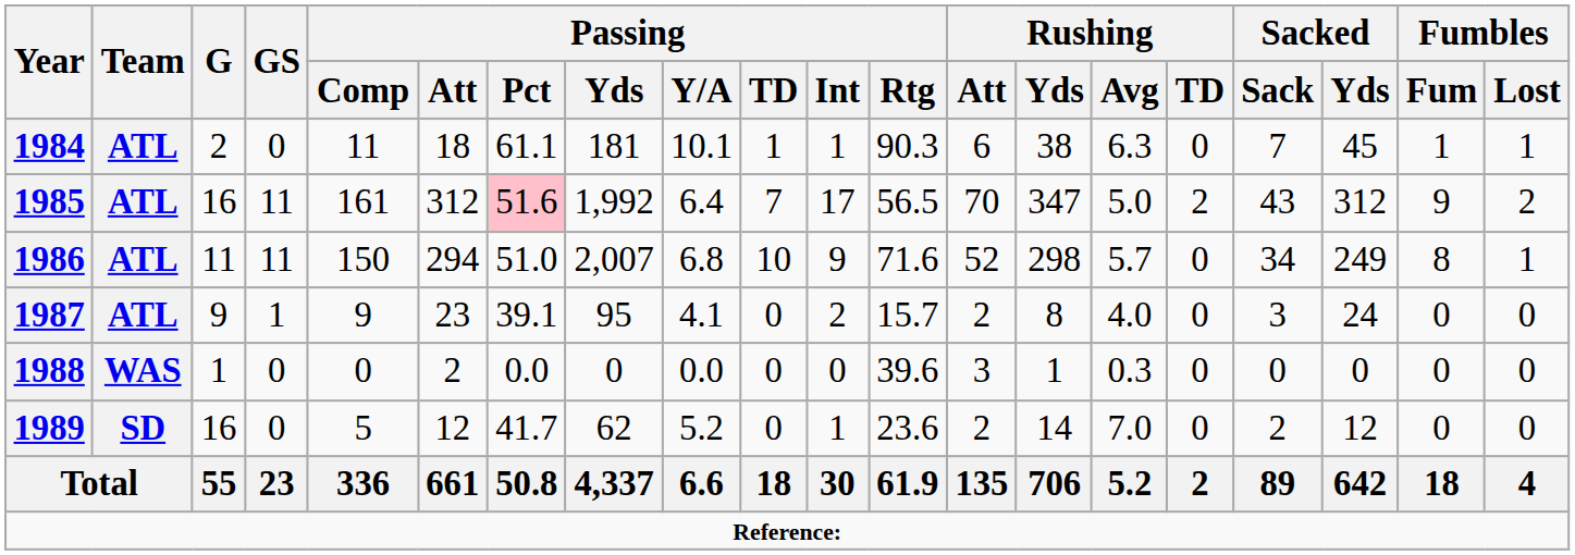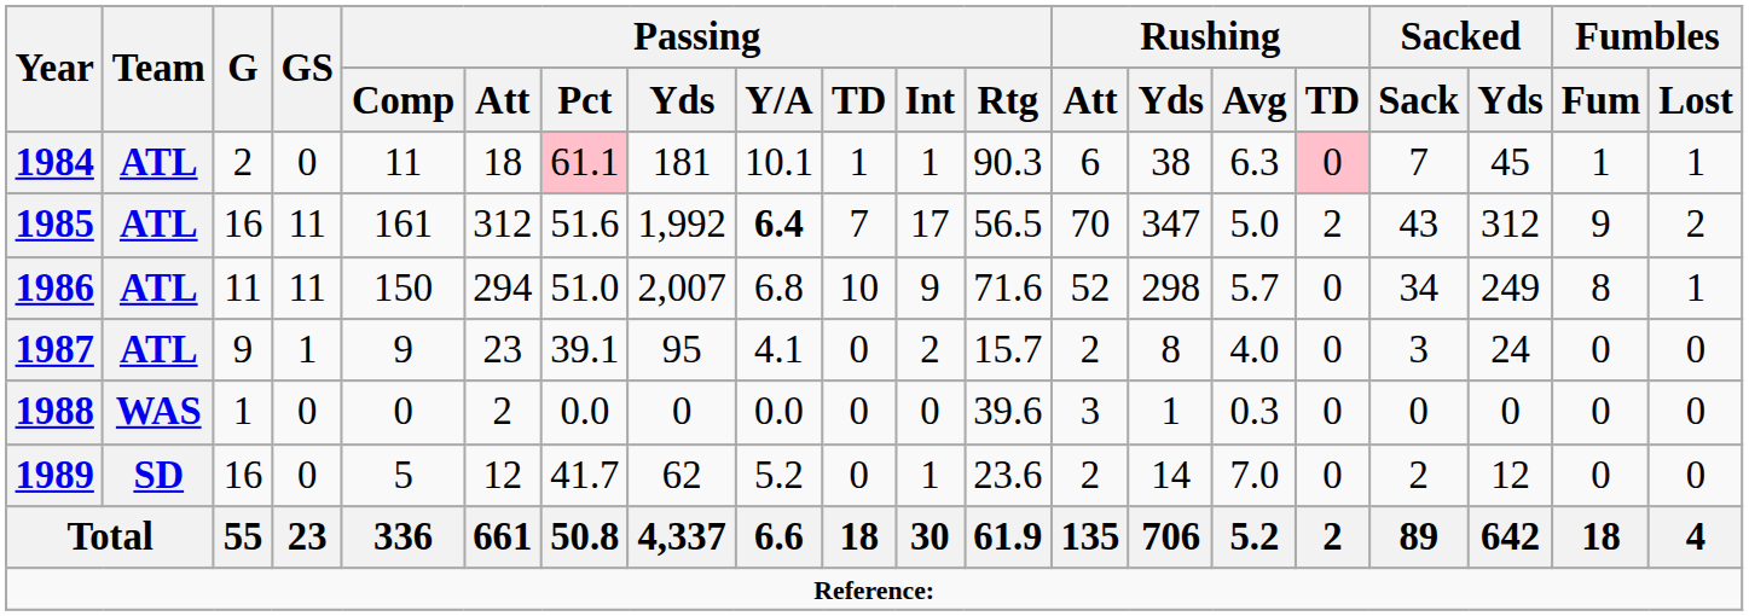 <table class="wikitable" style="text-align: center;">
 <tr>
 <th rowspan="2">Year</th>
 <th rowspan="2">Team</th>
 <th rowspan="2">G</th>
 <th rowspan="2">GS</th>
 <th colspan="8">Passing</th>
 <th colspan="4">Rushing</th>
 <th colspan="2">Sacked</th>
 <th colspan="2">Fumbles</th>
 </tr>
 <tr>
 <th>Comp</th>
 <th>Att</th>
 <th>Pct</th>
 <th>Yds</th>
 <th>Y/A</th>
 <th>TD</th>
 <th>Int</th>
 <th>Rtg</th>
 <th>Att</th>
 <th>Yds</th>
 <th>Avg</th>
 <th>TD</th>
 <th>Sack</th>
 <th>Yds</th>
 <th>Fum</th>
 <th>Lost</th>
 </tr>
 <tr>
 <th><a href='#'>1984</a></th>
 <th><a href='#'>ATL</a></th>
 <td>2</td>
 <td>0</td>
 <td>11</td>
 <td>18</td>
-<td>61.1</td>
+<td style="background: pink;">61.1</td>
 <td>181</td>
 <td>10.1</td>
 <td>1</td>
 <td>1</td>
 <td>90.3</td>
 <td>6</td>
 <td>38</td>
 <td>6.3</td>
-<td>0</td>
+<td style="background: pink;">0</td>
 <td>7</td>
 <td>45</td>
 <td>1</td>
 <td>1</td>
 </tr>
 <tr>
 <th><a href='#'>1985</a></th>
 <th><a href='#'>ATL</a></th>
 <td>16</td>
 <td>11</td>
 <td>161</td>
 <td>312</td>
-<td style="background: pink;">51.6</td>
+<td>51.6</td>
 <td>1,992</td>
-<td>6.4</td>
+<td><strong>6.4</strong></td>
 <td>7</td>
 <td>17</td>
 <td>56.5</td>
 <td>70</td>
 <td>347</td>
 <td>5.0</td>
 <td>2</td>
 <td>43</td>
 <td>312</td>
 <td>9</td>
 <td>2</td>
 </tr>
 <tr>
 <th><a href='#'>1986</a></th>
 <th><a href='#'>ATL</a></th>
 <td>11</td>
 <td>11</td>
 <td>150</td>
 <td>294</td>
 <td>51.0</td>
 <td>2,007</td>
 <td>6.8</td>
 <td>10</td>
 <td>9</td>
 <td>71.6</td>
 <td>52</td>
 <td>298</td>
 <td>5.7</td>
 <td>0</td>
 <td>34</td>
 <td>249</td>
 <td>8</td>
 <td>1</td>
 </tr>
 <tr>
 <th><a href='#'>1987</a></th>
 <th><a href='#'>ATL</a></th>
 <td>9</td>
 <td>1</td>
 <td>9</td>
 <td>23</td>
 <td>39.1</td>
 <td>95</td>
 <td>4.1</td>
 <td>0</td>
 <td>2</td>
 <td>15.7</td>
 <td>2</td>
 <td>8</td>
 <td>4.0</td>
 <td>0</td>
 <td>3</td>
 <td>24</td>
 <td>0</td>
 <td>0</td>
 </tr>
 <tr>
 <th><a href='#'>1988</a></th>
 <th><a href='#'>WAS</a></th>
 <td>1</td>
 <td>0</td>
 <td>0</td>
 <td>2</td>
 <td>0.0</td>
 <td>0</td>
 <td>0.0</td>
 <td>0</td>
 <td>0</td>
 <td>39.6</td>
 <td>3</td>
 <td>1</td>
 <td>0.3</td>
 <td>0</td>
 <td>0</td>
 <td>0</td>
 <td>0</td>
 <td>0</td>
 </tr>
 <tr>
 <th><a href='#'>1989</a></th>
 <th><a href='#'>SD</a></th>
 <td>16</td>
 <td>0</td>
 <td>5</td>
 <td>12</td>
 <td>41.7</td>
 <td>62</td>
 <td>5.2</td>
 <td>0</td>
 <td>1</td>
 <td>23.6</td>
 <td>2</td>
 <td>14</td>
 <td>7.0</td>
 <td>0</td>
 <td>2</td>
 <td>12</td>
 <td>0</td>
 <td>0</td>
 </tr>
 <tr>
 <th colspan="2">Total</th>
 <th>55</th>
 <th>23</th>
 <th>336</th>
 <th>661</th>
 <th>50.8</th>
 <th>4,337</th>
 <th>6.6</th>
 <th>18</th>
 <th>30</th>
 <th>61.9</th>
 <th>135</th>
 <th>706</th>
 <th>5.2</th>
 <th>2</th>
 <th>89</th>
 <th>642</th>
 <th>18</th>
 <th>4</th>
 </tr>
 <tr>
 <td colspan="20"  style="font-size:8pt; text-align:center;"><strong>Reference:</strong></td>
 </tr>
 </table>
